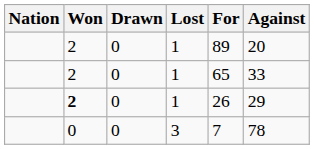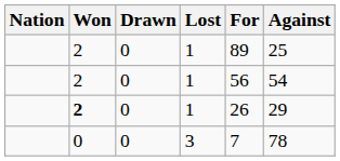 <table class="wikitable">
 <tr>
 <th>Nation</th>
 <th>Won</th>
 <th>Drawn</th>
 <th>Lost</th>
 <th>For</th>
 <th>Against</th>
 </tr>
 <tr>
 <td></td>
 <td>2</td>
 <td>0</td>
 <td>1</td>
 <td>89</td>
-<td>20</td>
+<td>25</td>
 </tr>
 <tr>
 <td></td>
 <td>2</td>
 <td>0</td>
 <td>1</td>
-<td>65</td>
-<td>33</td>
+<td>56</td>
+<td>54</td>
 </tr>
 <tr>
 <td></td>
 <td><strong>2</strong></td>
 <td>0</td>
 <td>1</td>
 <td>26</td>
 <td>29</td>
 </tr>
 <tr>
 <td></td>
 <td>0</td>
 <td>0</td>
 <td>3</td>
 <td>7</td>
 <td>78</td>
 </tr>
 </table>
